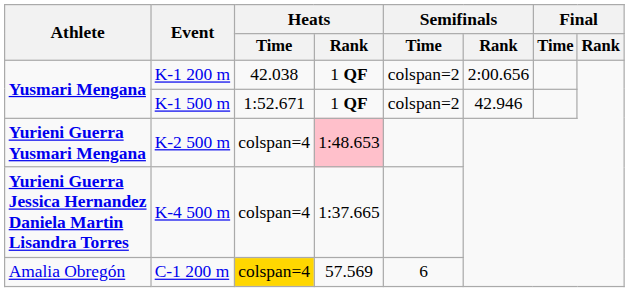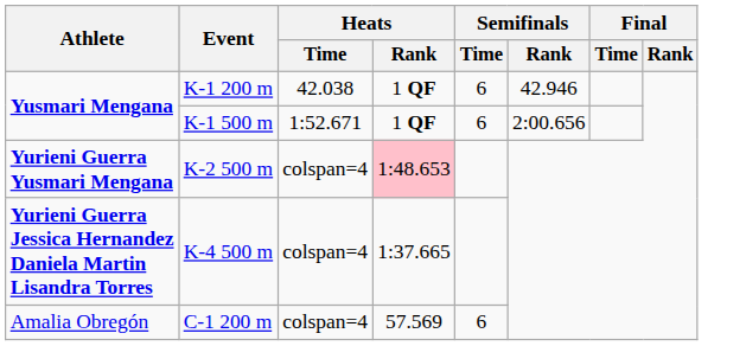 <table class=wikitable style="font-size:90%;">
 <tr>
 <th rowspan="2">Athlete</th>
 <th rowspan="2">Event</th>
 <th colspan=2>Heats</th>
 <th colspan=2>Semifinals</th>
 <th colspan=2>Final</th>
 </tr>
 <tr style="font-size:95%">
 <th>Time</th>
 <th>Rank</th>
 <th>Time</th>
 <th>Rank</th>
 <th>Time</th>
 <th>Rank</th>
 </tr>
 <tr align=center>
 <td align=left rowspan=2><strong><a href='#'>Yusmari Mengana</a></strong></td>
 <td align=left><a href='#'>K-1 200 m</a></td>
 <td>42.038</td>
 <td>1 <strong>QF</strong></td>
-<td>colspan=2 </td>
-<td>2:00.656</td>
+<td>6</td>
+<td>42.946</td>
 <td></td>
 </tr>
 <tr align=center>
 <td align=left><a href='#'>K-1 500 m</a></td>
 <td>1:52.671</td>
 <td>1 <strong>QF</strong></td>
-<td>colspan=2 </td>
-<td>42.946</td>
+<td>6</td>
+<td>2:00.656</td>
 <td></td>
 </tr>
 <tr align=center>
 <td align=left><strong><a href='#'>Yurieni Guerra</a><br><a href='#'>Yusmari Mengana</a></strong></td>
 <td align=left><a href='#'>K-2 500 m</a></td>
 <td>colspan=4 </td>
 <td style="background: pink;">1:48.653</td>
 <td></td>
 </tr>
 <tr align=center>
 <td align=left><strong><a href='#'>Yurieni Guerra</a><br><a href='#'>Jessica Hernandez</a><br><a href='#'>Daniela Martin</a><br><a href='#'>Lisandra Torres</a></strong></td>
 <td align=left><a href='#'>K-4 500 m</a></td>
 <td>colspan=4 </td>
 <td>1:37.665</td>
 <td></td>
 </tr>
 <tr align=center>
 <td align=left><a href='#'>Amalia Obregón</a></td>
 <td align=left><a href='#'>C-1 200 m</a></td>
-<td style="background: gold;">colspan=4 </td>
+<td>colspan=4 </td>
 <td>57.569</td>
 <td>6</td>
 </tr>
 </table>
